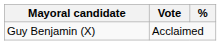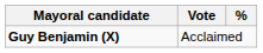 <table class="wikitable">
 <tr>
 <th bgcolor="#DDDDFF" width="200px">Mayoral candidate</th>
 <th bgcolor="#DDDDFF" width="50px">Vote</th>
 <th bgcolor="#DDDDFF"  width="30px">%</th>
 </tr>
 <tr>
-<td>Guy Benjamin (X)</td>
+<td><strong>Guy Benjamin (X)</strong></td>
 <td colspan="2">Acclaimed</td>
 </tr>
 </table>
